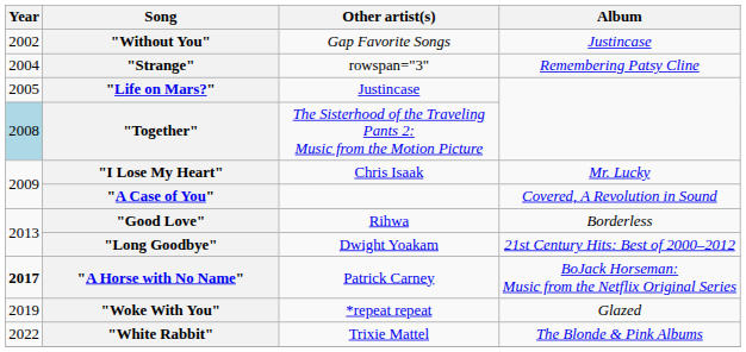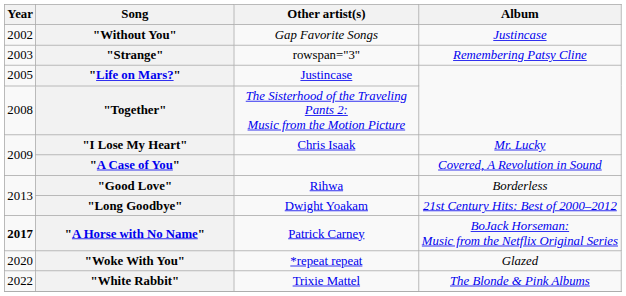 <table class="wikitable plainrowheaders" style="text-align:center;">
 <tr>
 <th>Year</th>
 <th style="width:15em;">Song</th>
 <th style="width:14em;">Other artist(s)</th>
 <th>Album</th>
 </tr>
 <tr>
 <td>2002</td>
 <th scope="row">"Without You"</th>
 <td><em>Gap Favorite Songs</em></td>
 <td><em><a href='#'>Justincase</a></em></td>
 </tr>
 <tr>
-<td>2004</td>
+<td>2003</td>
 <th scope="row">"Strange"</th>
 <td>rowspan="3" </td>
 <td><em><a href='#'>Remembering Patsy Cline</a></em></td>
 </tr>
 <tr>
 <td>2005</td>
 <th scope="row">"<a href='#'>Life on Mars?</a>"</th>
 <td><a href='#'>Justincase</a></td>
 </tr>
 <tr>
-<td style="background: lightblue;">2008</td>
+<td>2008</td>
 <th scope="row">"Together"</th>
 <td><em><a href='#'>The Sisterhood of the Traveling Pants 2:<br>Music from the Motion Picture</a></em></td>
 </tr>
 <tr>
 <td rowspan="2">2009</td>
 <th scope="row">"I Lose My Heart"</th>
 <td><a href='#'>Chris Isaak</a></td>
 <td><em><a href='#'>Mr. Lucky</a></em></td>
 </tr>
 <tr>
 <th scope="row">"<a href='#'>A Case of You</a>"</th>
 <td></td>
 <td><em><a href='#'>Covered, A Revolution in Sound</a></em></td>
 </tr>
 <tr>
 <td rowspan="2">2013</td>
 <th scope="row">"Good Love"</th>
 <td><a href='#'>Rihwa</a></td>
 <td><em>Borderless</em></td>
 </tr>
 <tr>
 <th scope="row">"Long Goodbye"</th>
 <td><a href='#'>Dwight Yoakam</a></td>
 <td><em><a href='#'>21st Century Hits: Best of 2000–2012</a></em></td>
 </tr>
 <tr>
 <td><strong>2017</strong></td>
 <th scope="row">"<a href='#'>A Horse with No Name</a>"</th>
 <td><a href='#'>Patrick Carney</a></td>
 <td><em><a href='#'>BoJack Horseman:<br>Music from the Netflix Original Series</a></em></td>
 </tr>
 <tr>
-<td>2019</td>
+<td>2020</td>
 <th scope="row">"Woke With You"</th>
 <td><a href='#'>*repeat repeat</a></td>
 <td><em>Glazed</em></td>
 </tr>
 <tr>
 <td>2022</td>
 <th scope="row">"White Rabbit"</th>
 <td><a href='#'>Trixie Mattel</a></td>
 <td><em><a href='#'>The Blonde & Pink Albums</a></em></td>
 </tr>
 <tr>
 </tr>
 </table>
